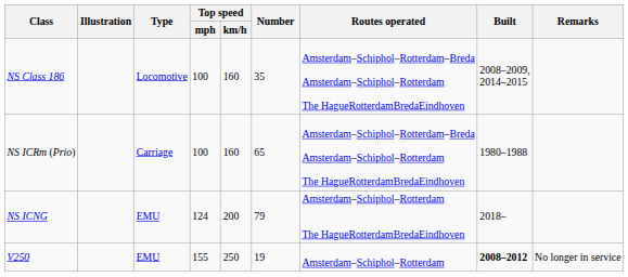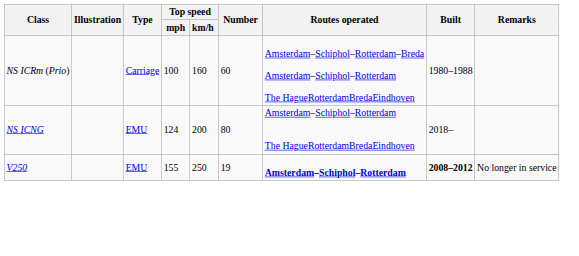 <table class="wikitable">
 <tr ---- bgcolor=#f9f9f9>
 <th rowspan="2"> Class </th>
 <th rowspan="2">Illustration</th>
 <th rowspan="2"> Type </th>
 <th colspan="2"> Top speed </th>
 <th rowspan="2"> Number </th>
 <th rowspan="2"> Routes operated </th>
 <th rowspan="2"> Built </th>
 <th rowspan="2"> Remarks </th>
 </tr>
 <tr ---- bgcolor=#f9f9f9>
 <th> mph </th>
 <th>km/h </th>
 </tr>
 <tr>
-<td><em><a href='#'>NS Class 186</a></em></td>
-<td></td>
-<td><a href='#'>Locomotive</a></td>
-<td>100</td>
-<td>160</td>
-<td>35</td>
-<td><br><a href='#'>Amsterdam</a>–<a href='#'>Schiphol</a>–<a href='#'>Rotterdam</a>–<a href='#'>Breda</a><br><br> <a href='#'>Amsterdam</a>–<a href='#'>Schiphol</a>–<a href='#'>Rotterdam</a><br><br> <a href='#'>The Hague</a><a href='#'>Rotterdam</a><a href='#'>Breda</a><a href='#'>Eindhoven</a></td>
-<td>2008–2009,<br>2014–2015</td>
-<td></td>
-</tr>
-<tr>
 <td><em>NS ICRm</em> (<em>Prio</em>)</td>
 <td></td>
 <td><a href='#'>Carriage</a></td>
 <td>100</td>
 <td>160</td>
-<td>65</td>
+<td>60</td>
 <td><br><a href='#'>Amsterdam</a>–<a href='#'>Schiphol</a>–<a href='#'>Rotterdam</a>–<a href='#'>Breda</a><br><br><a href='#'>Amsterdam</a>–<a href='#'>Schiphol</a>–<a href='#'>Rotterdam</a><br><br> <a href='#'>The Hague</a><a href='#'>Rotterdam</a><a href='#'>Breda</a><a href='#'>Eindhoven</a></td>
 <td>1980–1988</td>
 <td></td>
 </tr>
 <tr>
 <td><a href='#'><em>NS ICNG</em></a></td>
 <td></td>
 <td><a href='#'>EMU</a></td>
 <td>124</td>
 <td>200</td>
-<td>79</td>
+<td>80</td>
 <td><a href='#'>Amsterdam</a>–<a href='#'>Schiphol</a>–<a href='#'>Rotterdam</a><br><br><br><a href='#'>The Hague</a><a href='#'>Rotterdam</a><a href='#'>Breda</a><a href='#'>Eindhoven</a></td>
 <td>2018–</td>
 <td></td>
 </tr>
 <tr>
 <td><a href='#'><em>V250</em></a></td>
 <td></td>
 <td><a href='#'>EMU</a></td>
 <td>155</td>
 <td>250</td>
 <td>19</td>
-<td><br><a href='#'>Amsterdam</a>–<a href='#'>Schiphol</a>–<a href='#'>Rotterdam</a></td>
+<td><strong><br><a href='#'>Amsterdam</a>–<a href='#'>Schiphol</a>–<a href='#'>Rotterdam</a></strong></td>
 <td><strong>2008–2012</strong></td>
 <td>No longer in service</td>
 </tr>
 </table>
